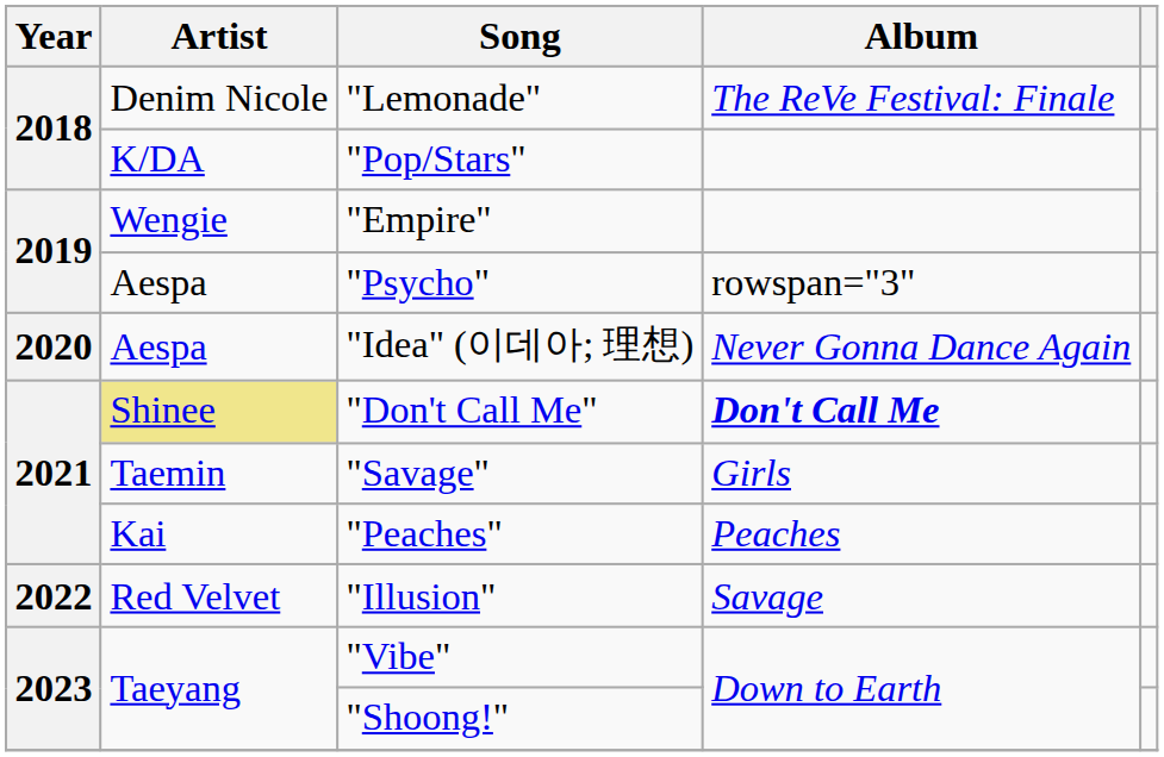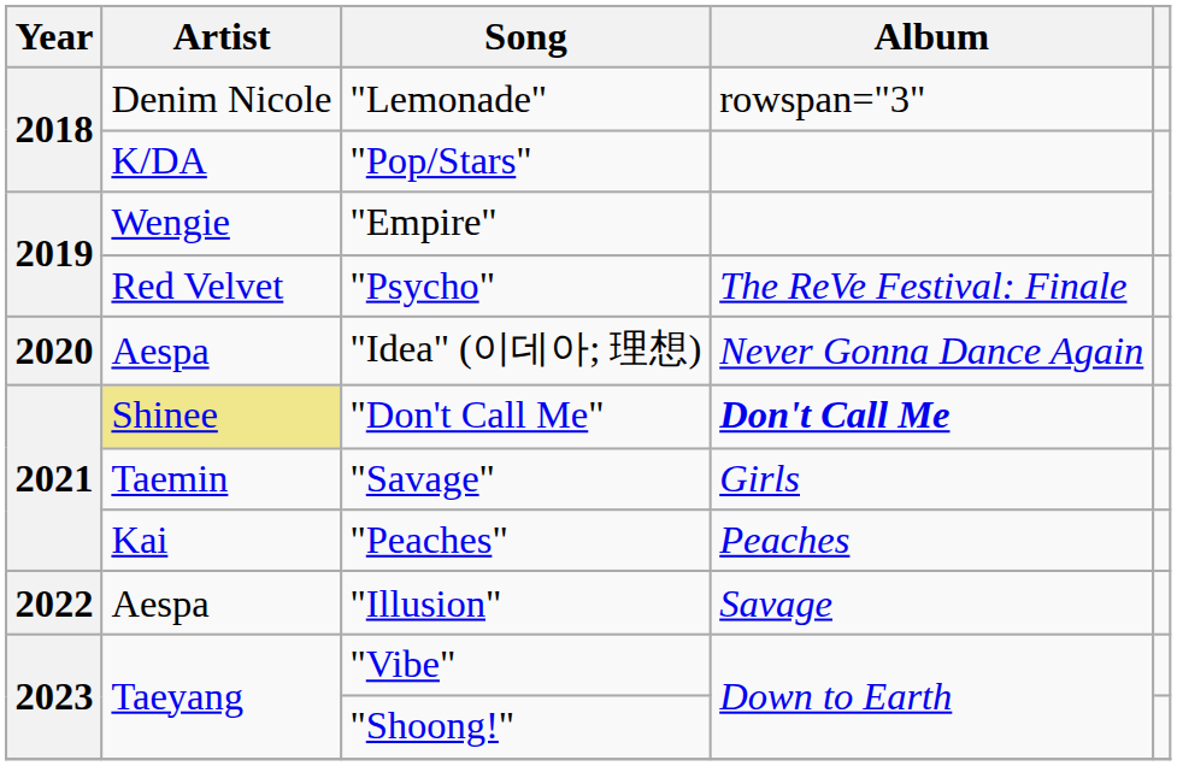 <table class="wikitable sortable plainrowheaders">
 <tr>
 <th>Year</th>
 <th>Artist</th>
 <th>Song</th>
 <th>Album</th>
 <th scope="col" class="unsortable"></th>
 </tr>
 <tr>
 <th scope="row" rowspan="2">2018</th>
 <td>Denim Nicole</td>
 <td>"Lemonade"</td>
-<td><em><a href='#'>The ReVe Festival: Finale</a></em></td>
+<td>rowspan="3" </td>
 <td style="text-align:center"></td>
 </tr>
 <tr>
 <td><a href='#'>K/DA</a></td>
 <td>"<a href='#'>Pop/Stars</a>"</td>
 <td style="text-align:center"></td>
 </tr>
 <tr>
 <th scope="row" rowspan="2">2019</th>
 <td><a href='#'>Wengie</a></td>
 <td>"Empire" </td>
 <td style="text-align:center"></td>
 </tr>
 <tr>
-<td>Aespa</td>
+<td><a href='#'>Red Velvet</a></td>
 <td>"<a href='#'>Psycho</a>"</td>
-<td>rowspan="3" </td>
+<td><em><a href='#'>The ReVe Festival: Finale</a></em></td>
 <td style="text-align:center"></td>
 </tr>
 <tr>
 <th scope="row">2020</th>
 <td><a href='#'>Aespa</a></td>
 <td>"Idea" (이데아; 理想)</td>
 <td><em><a href='#'>Never Gonna Dance Again</a></em></td>
 <td style="text-align:center"></td>
 </tr>
 <tr>
 <th scope="row" rowspan="3">2021</th>
 <td style="background: khaki;"><a href='#'>Shinee</a></td>
 <td>"<a href='#'>Don't Call Me</a>"</td>
 <td><strong><em><a href='#'>Don't Call Me</a></em></strong></td>
 <td style="text-align:center"></td>
 </tr>
 <tr>
 <td><a href='#'>Taemin</a></td>
 <td>"<a href='#'>Savage</a>"</td>
 <td><em><a href='#'>Girls</a></em></td>
 <td style="text-align:center"></td>
 </tr>
 <tr>
 <td><a href='#'>Kai</a></td>
 <td>"<a href='#'>Peaches</a>"</td>
 <td><em><a href='#'>Peaches</a></em></td>
 <td style="text-align:center"></td>
 </tr>
 <tr>
 <th scope="row">2022</th>
-<td><a href='#'>Red Velvet</a></td>
+<td>Aespa</td>
 <td>"<a href='#'>Illusion</a>"</td>
 <td><em><a href='#'>Savage</a></em></td>
 <td style="text-align:center"></td>
 </tr>
 <tr>
 <th scope="row" rowspan="2">2023</th>
 <td rowspan="2"><a href='#'>Taeyang</a></td>
 <td>"<a href='#'>Vibe</a>"</td>
 <td rowspan="2"><em><a href='#'>Down to Earth</a></em></td>
 <td style="text-align:center"></td>
 </tr>
 <tr>
 <td>"<a href='#'>Shoong!</a>"</td>
 <td style="text-align:center"></td>
 </tr>
 <tr>
 </tr>
 </table>
